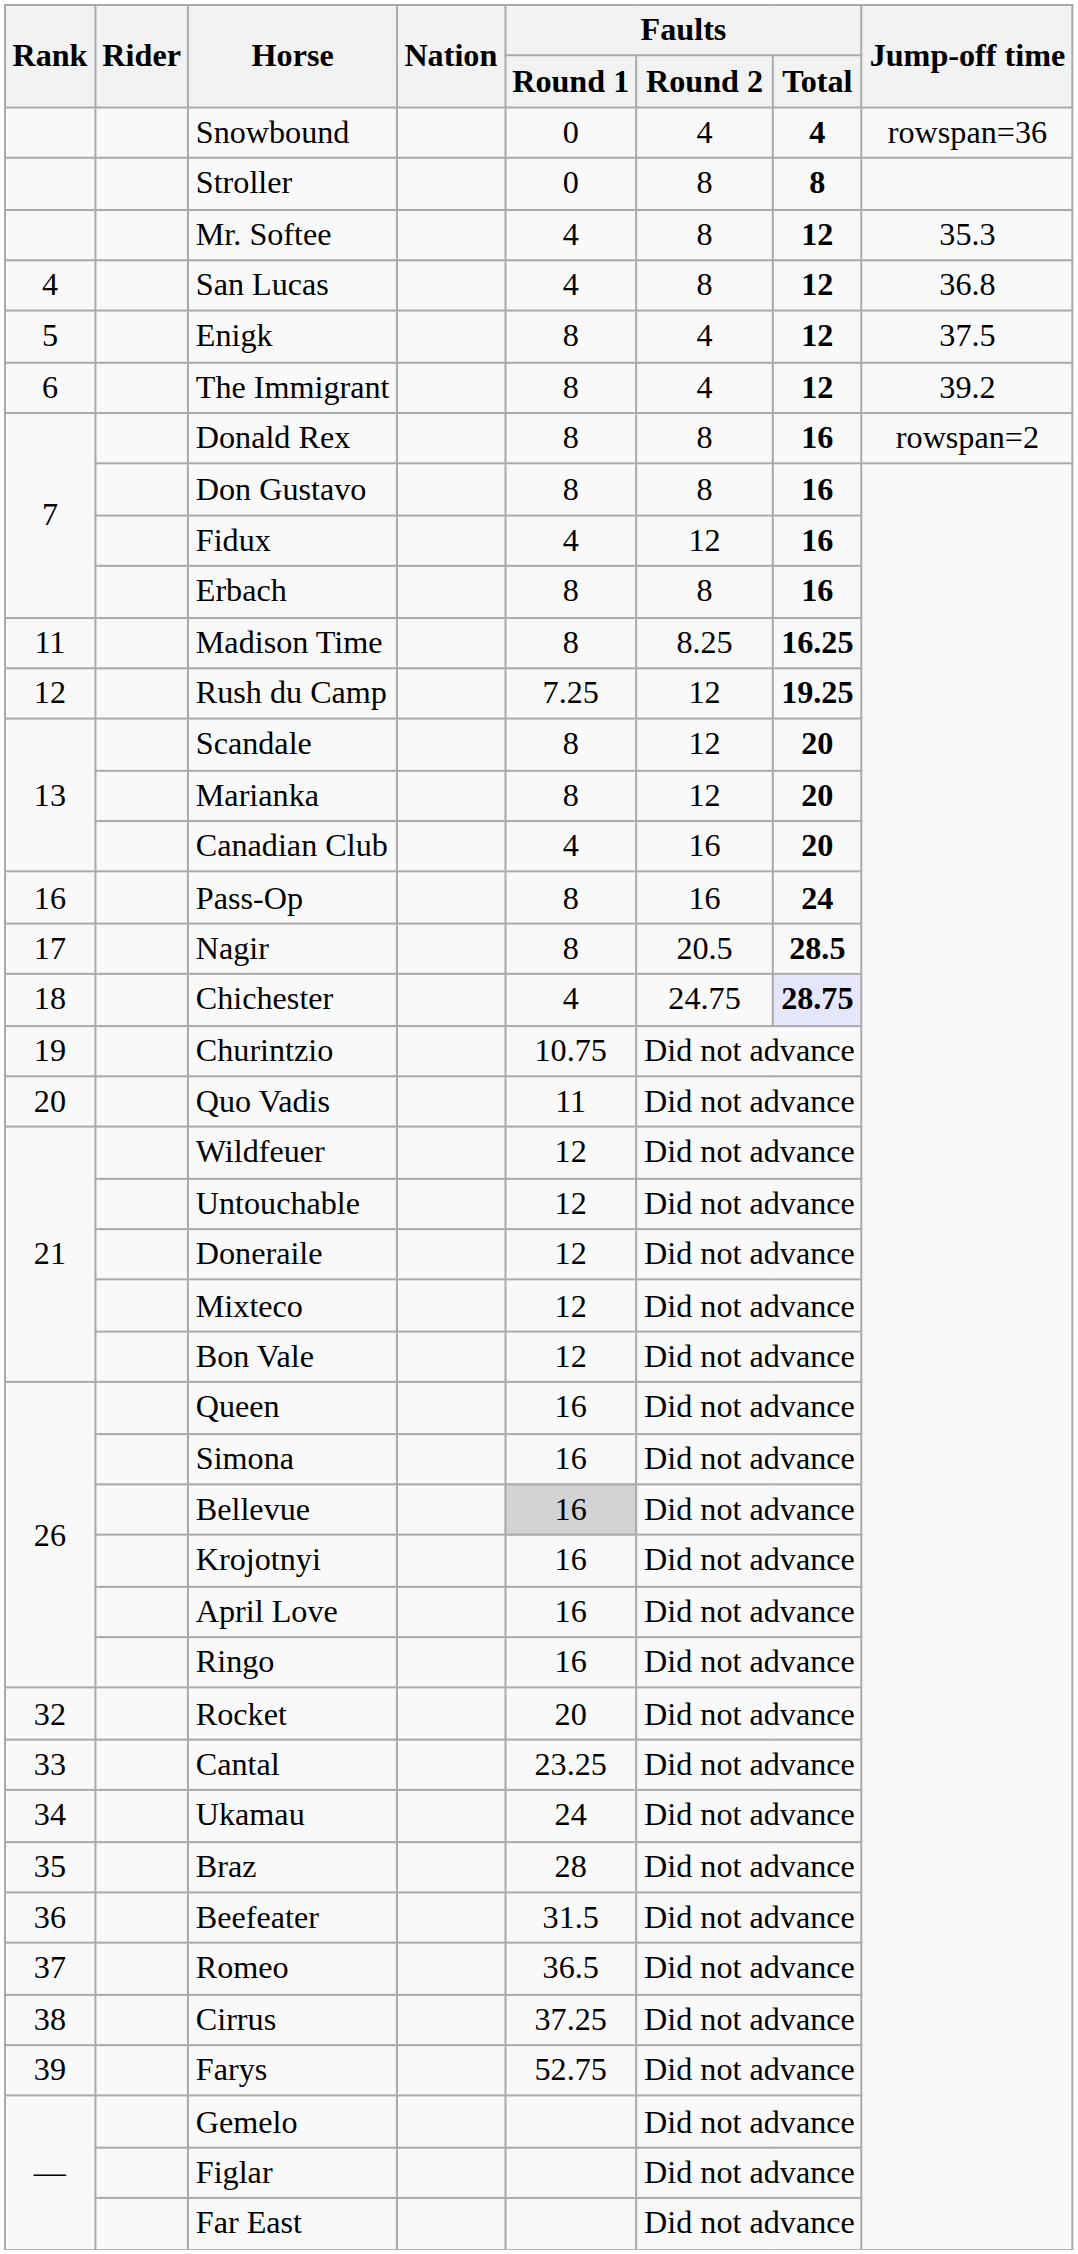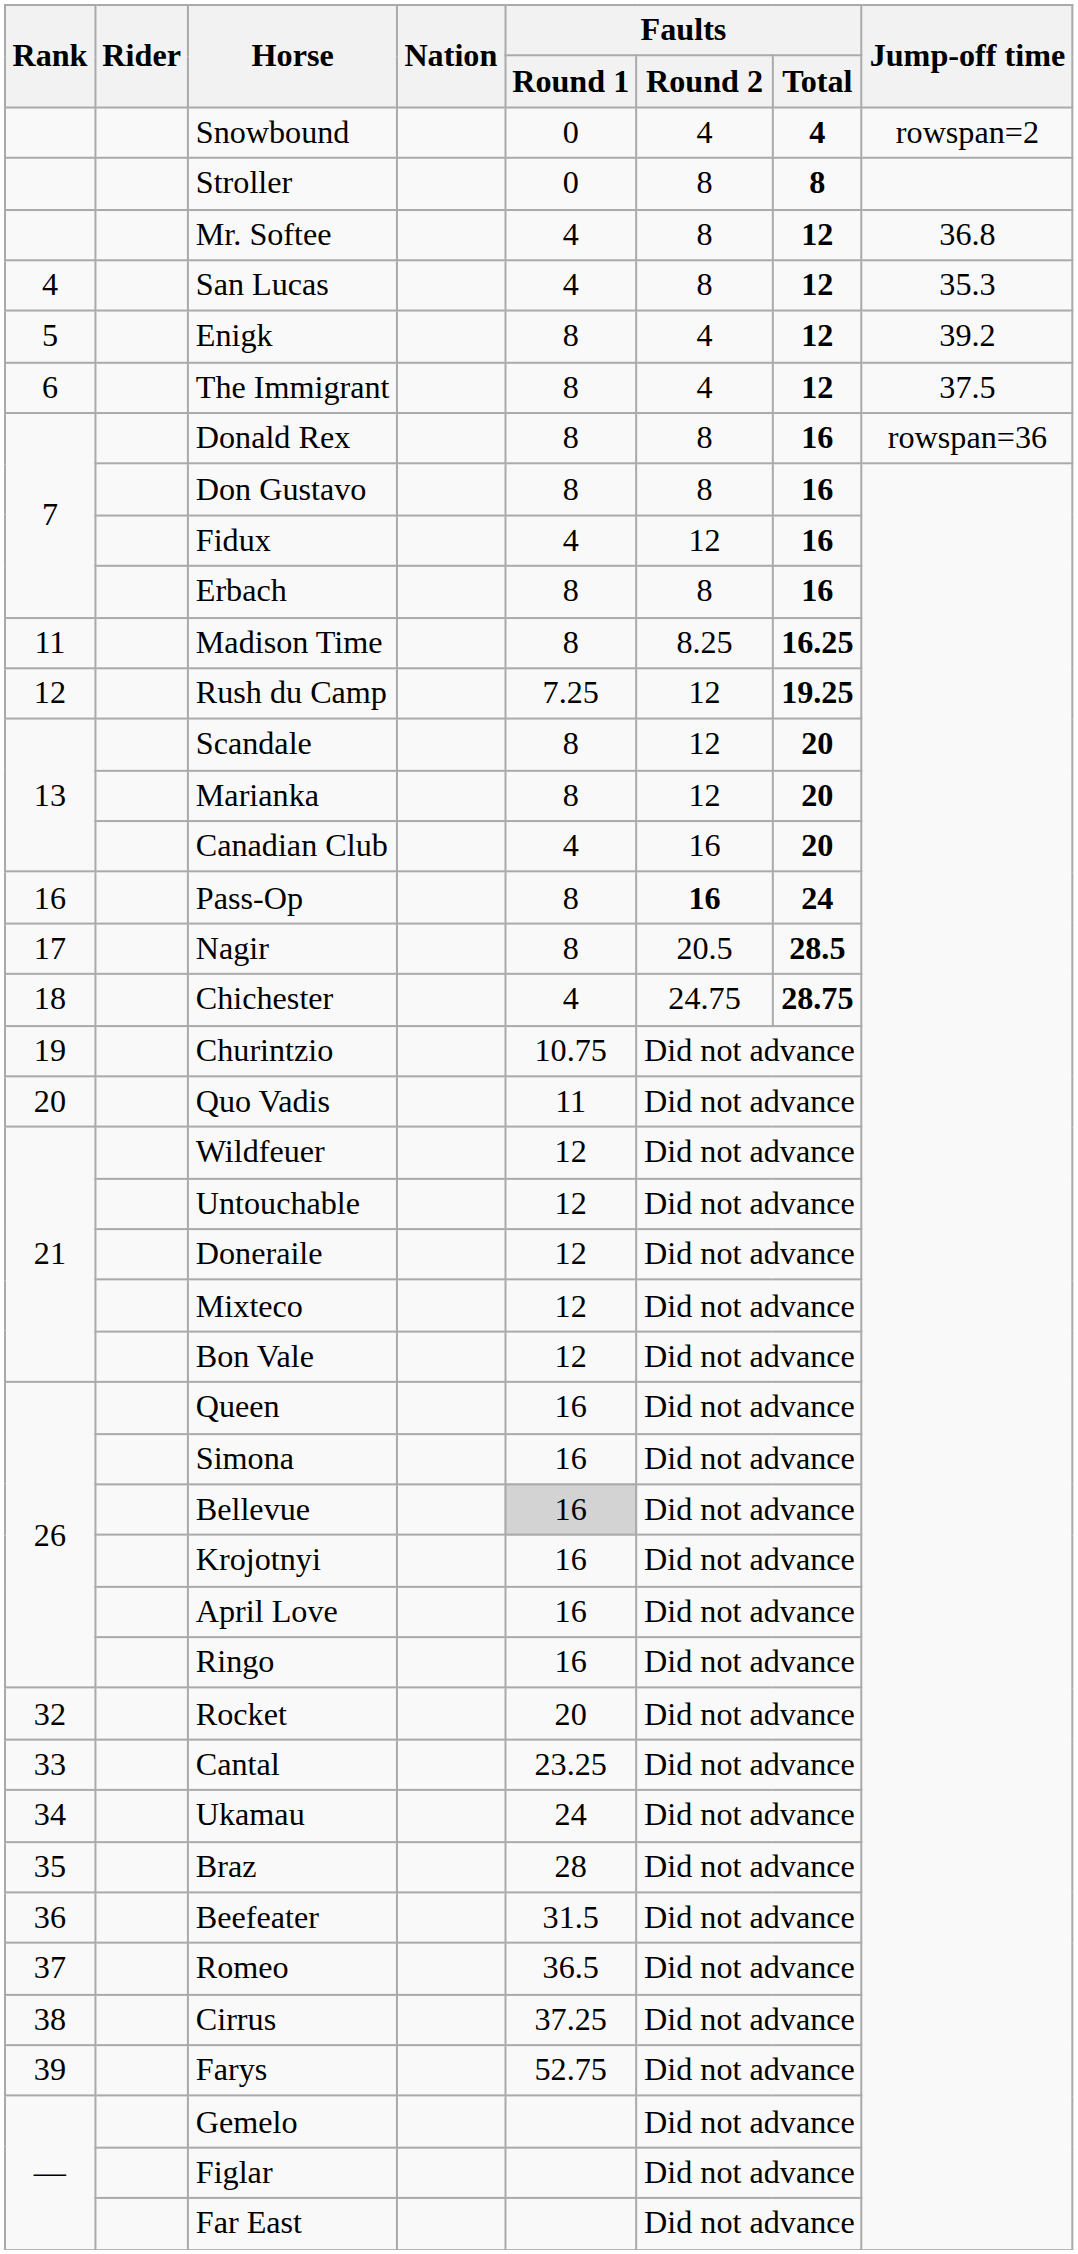 <table class="wikitable sortable" style="text-align:center">
 <tr>
 <th rowspan=2>Rank</th>
 <th rowspan=2>Rider</th>
 <th rowspan=2>Horse</th>
 <th rowspan=2>Nation</th>
 <th colspan=3>Faults</th>
 <th rowspan=2>Jump-off time</th>
 </tr>
 <tr>
 <th>Round 1</th>
 <th>Round 2</th>
 <th>Total</th>
 </tr>
 <tr>
 <td></td>
 <td align=left></td>
 <td align=left>Snowbound</td>
 <td align=left></td>
 <td>0</td>
 <td>4</td>
 <td><strong>4</strong></td>
-<td>rowspan=36 </td>
+<td>rowspan=2 </td>
 </tr>
 <tr>
 <td></td>
 <td align=left></td>
 <td align=left>Stroller</td>
 <td align=left></td>
 <td>0</td>
 <td>8</td>
 <td><strong>8</strong></td>
 </tr>
 <tr>
 <td></td>
 <td align=left></td>
 <td align=left>Mr. Softee</td>
 <td align=left></td>
 <td>4</td>
 <td>8</td>
 <td><strong>12</strong></td>
-<td>35.3</td>
+<td>36.8</td>
 </tr>
 <tr>
 <td>4</td>
 <td align=left></td>
 <td align=left>San Lucas</td>
 <td align=left></td>
 <td>4</td>
 <td>8</td>
 <td><strong>12</strong></td>
-<td>36.8</td>
+<td>35.3</td>
 </tr>
 <tr>
 <td>5</td>
 <td align=left></td>
 <td align=left>Enigk</td>
 <td align=left></td>
 <td>8</td>
 <td>4</td>
 <td><strong>12</strong></td>
-<td>37.5</td>
+<td>39.2</td>
 </tr>
 <tr>
 <td>6</td>
 <td align=left></td>
 <td align=left>The Immigrant</td>
 <td align=left></td>
 <td>8</td>
 <td>4</td>
 <td><strong>12</strong></td>
-<td>39.2</td>
+<td>37.5</td>
 </tr>
 <tr>
 <td rowspan=4>7</td>
 <td align=left></td>
 <td align=left>Donald Rex</td>
 <td align=left></td>
 <td>8</td>
 <td>8</td>
 <td><strong>16</strong></td>
-<td>rowspan=2 </td>
+<td>rowspan=36 </td>
 </tr>
 <tr>
 <td align=left></td>
 <td align=left>Don Gustavo</td>
 <td align=left></td>
 <td>8</td>
 <td>8</td>
 <td><strong>16</strong></td>
 </tr>
 <tr>
 <td align=left></td>
 <td align=left>Fidux</td>
 <td align=left></td>
 <td>4</td>
 <td>12</td>
 <td><strong>16</strong></td>
 </tr>
 <tr>
 <td align=left></td>
 <td align=left>Erbach</td>
 <td align=left></td>
 <td>8</td>
 <td>8</td>
 <td><strong>16</strong></td>
 </tr>
 <tr>
 <td>11</td>
 <td align=left></td>
 <td align=left>Madison Time</td>
 <td align=left></td>
 <td>8</td>
 <td>8.25</td>
 <td><strong>16.25</strong></td>
 </tr>
 <tr>
 <td>12</td>
 <td align=left></td>
 <td align=left>Rush du Camp</td>
 <td align=left></td>
 <td>7.25</td>
 <td>12</td>
 <td><strong>19.25</strong></td>
 </tr>
 <tr>
 <td rowspan=3>13</td>
 <td align=left></td>
 <td align=left>Scandale</td>
 <td align=left></td>
 <td>8</td>
 <td>12</td>
 <td><strong>20</strong></td>
 </tr>
 <tr>
 <td align=left></td>
 <td align=left>Marianka</td>
 <td align=left></td>
 <td>8</td>
 <td>12</td>
 <td><strong>20</strong></td>
 </tr>
 <tr>
 <td align=left></td>
 <td align=left>Canadian Club</td>
 <td align=left></td>
 <td>4</td>
 <td>16</td>
 <td><strong>20</strong></td>
 </tr>
 <tr>
 <td>16</td>
 <td align=left></td>
 <td align=left>Pass-Op</td>
 <td align=left></td>
 <td>8</td>
-<td>16</td>
+<td><strong>16</strong></td>
 <td><strong>24</strong></td>
 </tr>
 <tr>
 <td>17</td>
 <td align=left></td>
 <td align=left>Nagir</td>
 <td align=left></td>
 <td>8</td>
 <td>20.5</td>
 <td><strong>28.5</strong></td>
 </tr>
 <tr>
 <td>18</td>
 <td align=left></td>
 <td align=left>Chichester</td>
 <td align=left></td>
 <td>4</td>
 <td>24.75</td>
-<td style="background: lavender;"><strong>28.75</strong></td>
+<td><strong>28.75</strong></td>
 </tr>
 <tr>
 <td>19</td>
 <td align=left></td>
 <td align=left>Churintzio</td>
 <td align=left></td>
 <td>10.75</td>
 <td colspan=2 data-sort-value=99.99>Did not advance</td>
 </tr>
 <tr>
 <td>20</td>
 <td align=left></td>
 <td align=left>Quo Vadis</td>
 <td align=left></td>
 <td>11</td>
 <td colspan=2 data-sort-value=99.99>Did not advance</td>
 </tr>
 <tr>
 <td rowspan=5>21</td>
 <td align=left></td>
 <td align=left>Wildfeuer</td>
 <td align=left></td>
 <td>12</td>
 <td colspan=2 data-sort-value=99.99>Did not advance</td>
 </tr>
 <tr>
 <td align=left></td>
 <td align=left>Untouchable</td>
 <td align=left></td>
 <td>12</td>
 <td colspan=2 data-sort-value=99.99>Did not advance</td>
 </tr>
 <tr>
 <td align=left></td>
 <td align=left>Doneraile</td>
 <td align=left></td>
 <td>12</td>
 <td colspan=2 data-sort-value=99.99>Did not advance</td>
 </tr>
 <tr>
 <td align=left></td>
 <td align=left>Mixteco</td>
 <td align=left></td>
 <td>12</td>
 <td colspan=2 data-sort-value=99.99>Did not advance</td>
 </tr>
 <tr>
 <td align=left></td>
 <td align=left>Bon Vale</td>
 <td align=left></td>
 <td>12</td>
 <td colspan=2 data-sort-value=99.99>Did not advance</td>
 </tr>
 <tr>
 <td rowspan=6>26</td>
 <td align=left></td>
 <td align=left>Queen</td>
 <td align=left></td>
 <td>16</td>
 <td colspan=2 data-sort-value=99.99>Did not advance</td>
 </tr>
 <tr>
 <td align=left></td>
 <td align=left>Simona</td>
 <td align=left></td>
 <td>16</td>
 <td colspan=2 data-sort-value=99.99>Did not advance</td>
 </tr>
 <tr>
 <td align=left></td>
 <td align=left>Bellevue</td>
 <td align=left></td>
 <td style="background: lightgrey;">16</td>
 <td colspan=2 data-sort-value=99.99>Did not advance</td>
 </tr>
 <tr>
 <td align=left></td>
 <td align=left>Krojotnyi</td>
 <td align=left></td>
 <td>16</td>
 <td colspan=2 data-sort-value=99.99>Did not advance</td>
 </tr>
 <tr>
 <td align=left></td>
 <td align=left>April Love</td>
 <td align=left></td>
 <td>16</td>
 <td colspan=2 data-sort-value=99.99>Did not advance</td>
 </tr>
 <tr>
 <td align=left></td>
 <td align=left>Ringo</td>
 <td align=left></td>
 <td>16</td>
 <td colspan=2 data-sort-value=99.99>Did not advance</td>
 </tr>
 <tr>
 <td>32</td>
 <td align=left></td>
 <td align=left>Rocket</td>
 <td align=left></td>
 <td>20</td>
 <td colspan=2 data-sort-value=99.99>Did not advance</td>
 </tr>
 <tr>
 <td>33</td>
 <td align=left></td>
 <td align=left>Cantal</td>
 <td align=left></td>
 <td>23.25</td>
 <td colspan=2 data-sort-value=99.99>Did not advance</td>
 </tr>
 <tr>
 <td>34</td>
 <td align=left></td>
 <td align=left>Ukamau</td>
 <td align=left></td>
 <td>24</td>
 <td colspan=2 data-sort-value=99.99>Did not advance</td>
 </tr>
 <tr>
 <td>35</td>
 <td align=left></td>
 <td align=left>Braz</td>
 <td align=left></td>
 <td>28</td>
 <td colspan=2 data-sort-value=99.99>Did not advance</td>
 </tr>
 <tr>
 <td>36</td>
 <td align=left></td>
 <td align=left>Beefeater</td>
 <td align=left></td>
 <td>31.5</td>
 <td colspan=2 data-sort-value=99.99>Did not advance</td>
 </tr>
 <tr>
 <td>37</td>
 <td align=left></td>
 <td align=left>Romeo</td>
 <td align=left></td>
 <td>36.5</td>
 <td colspan=2 data-sort-value=99.99>Did not advance</td>
 </tr>
 <tr>
 <td>38</td>
 <td align=left></td>
 <td align=left>Cirrus</td>
 <td align=left></td>
 <td>37.25</td>
 <td colspan=2 data-sort-value=99.99>Did not advance</td>
 </tr>
 <tr>
 <td>39</td>
 <td align=left></td>
 <td align=left>Farys</td>
 <td align=left></td>
 <td>52.75</td>
 <td colspan=2 data-sort-value=99.99>Did not advance</td>
 </tr>
 <tr>
 <td rowspan=3 data-sort-value=40>—</td>
 <td align=left></td>
 <td align=left>Gemelo</td>
 <td align=left></td>
 <td></td>
 <td colspan=2 data-sort-value=99.99>Did not advance</td>
 </tr>
 <tr>
 <td align=left></td>
 <td align=left>Figlar</td>
 <td align=left></td>
 <td></td>
 <td colspan=2 data-sort-value=99.99>Did not advance</td>
 </tr>
 <tr>
 <td align=left></td>
 <td align=left>Far East</td>
 <td align=left></td>
 <td></td>
 <td colspan=2 data-sort-value=99.99>Did not advance</td>
 </tr>
 </table>
